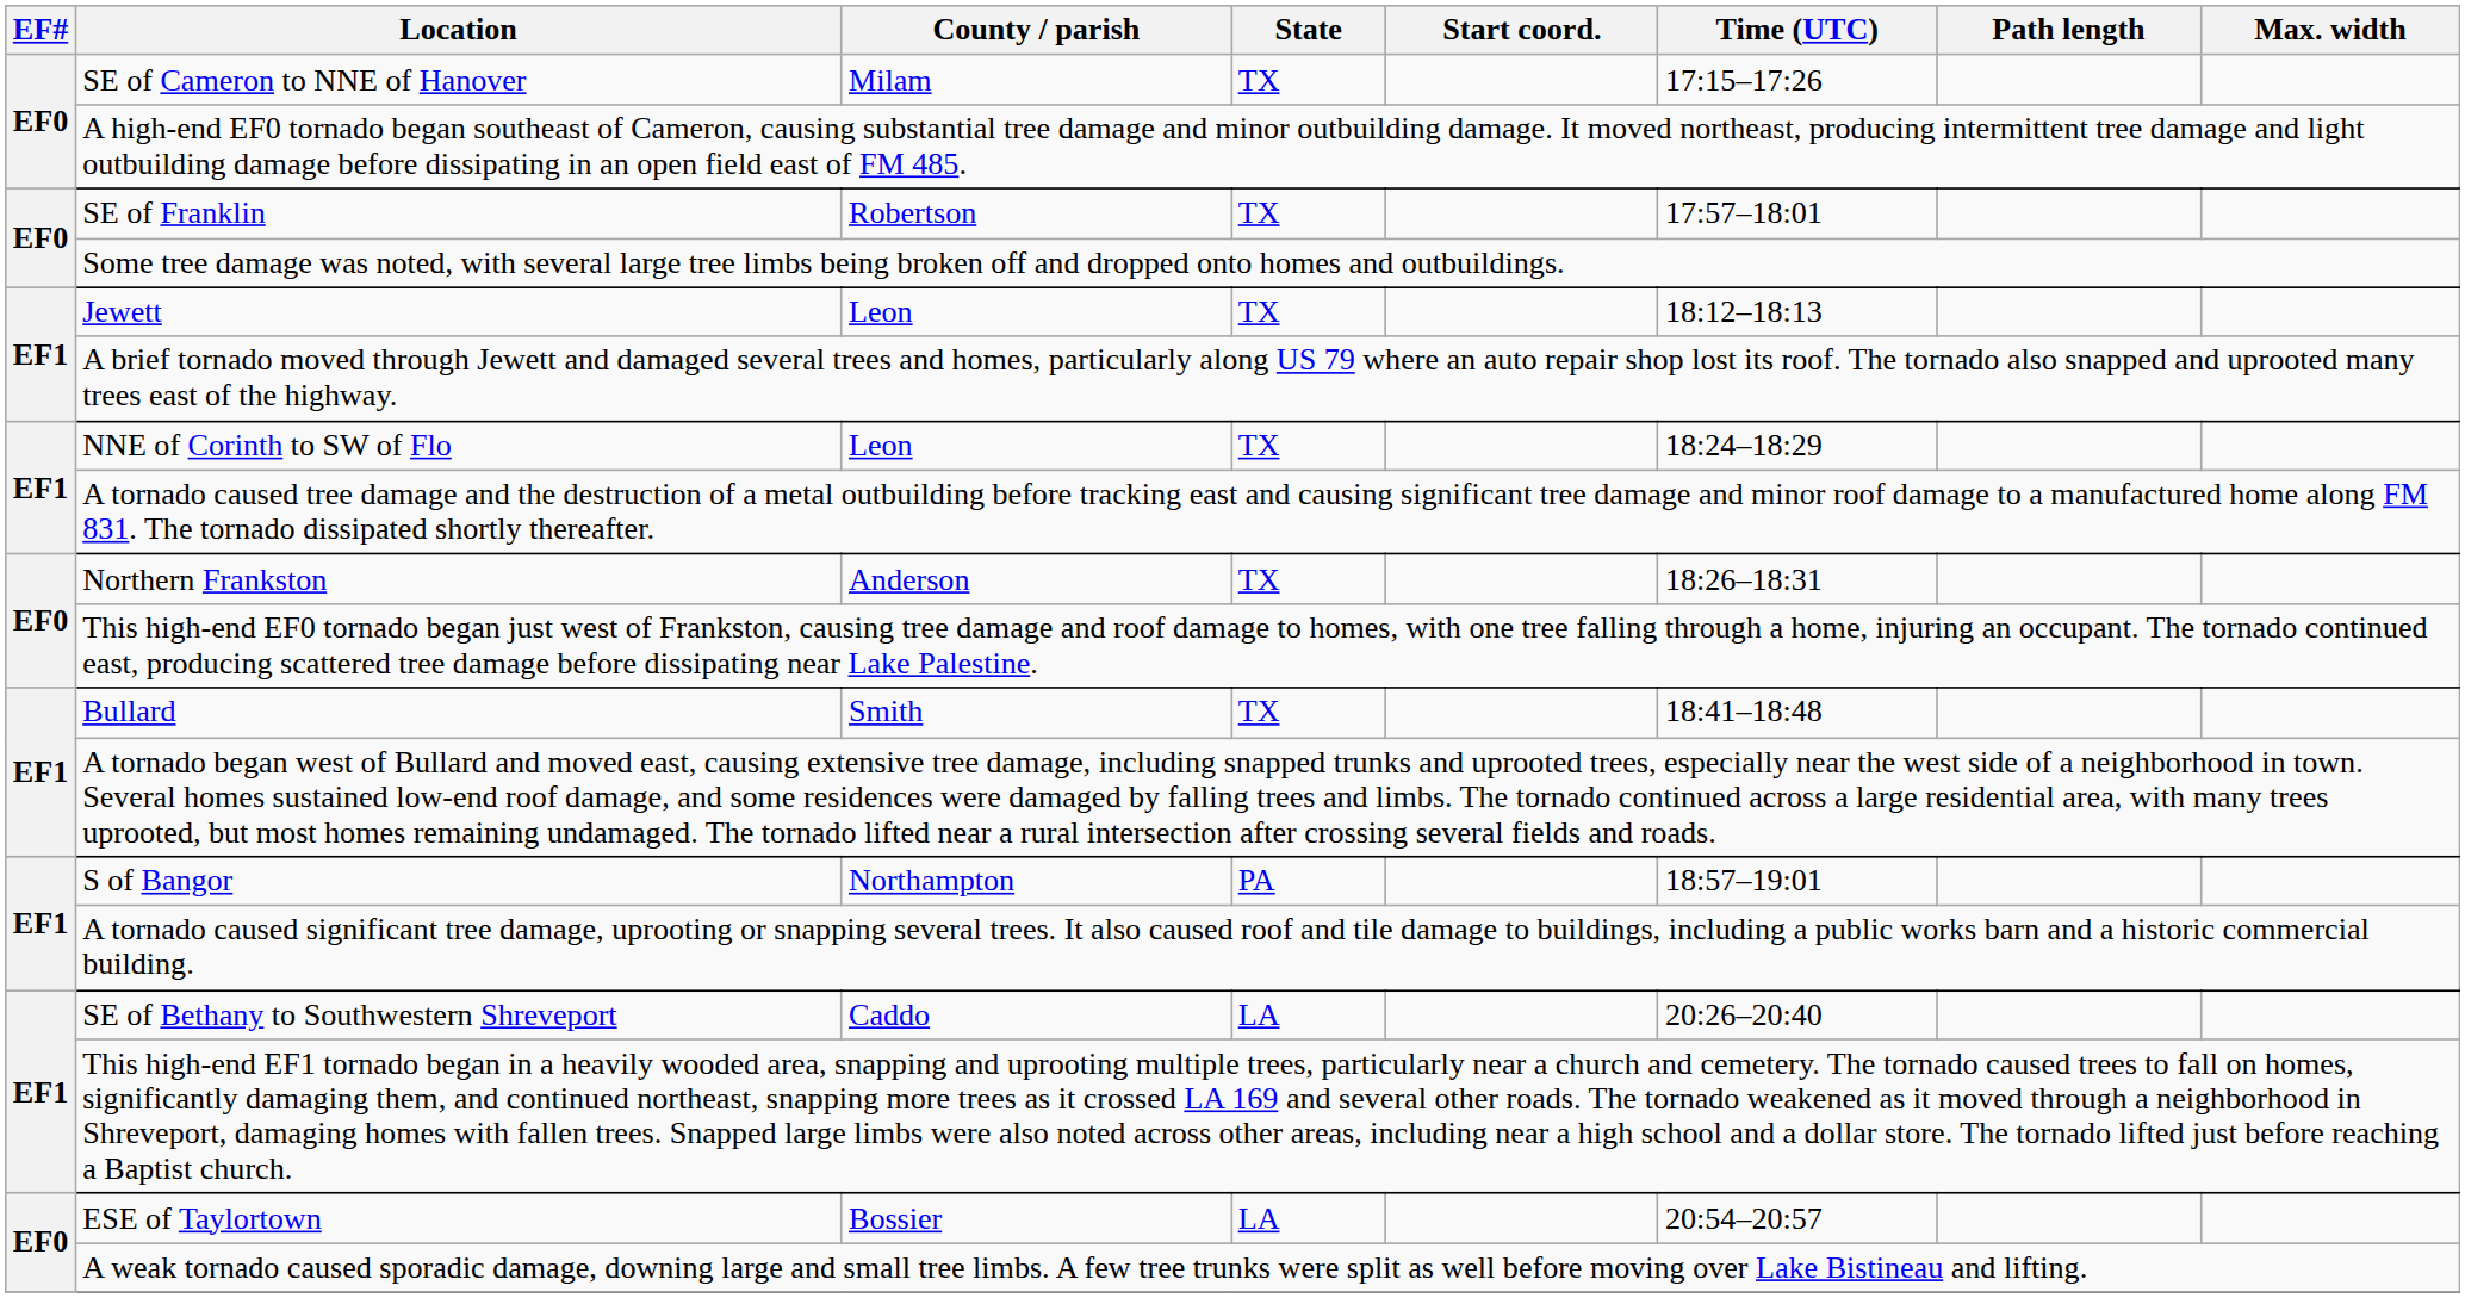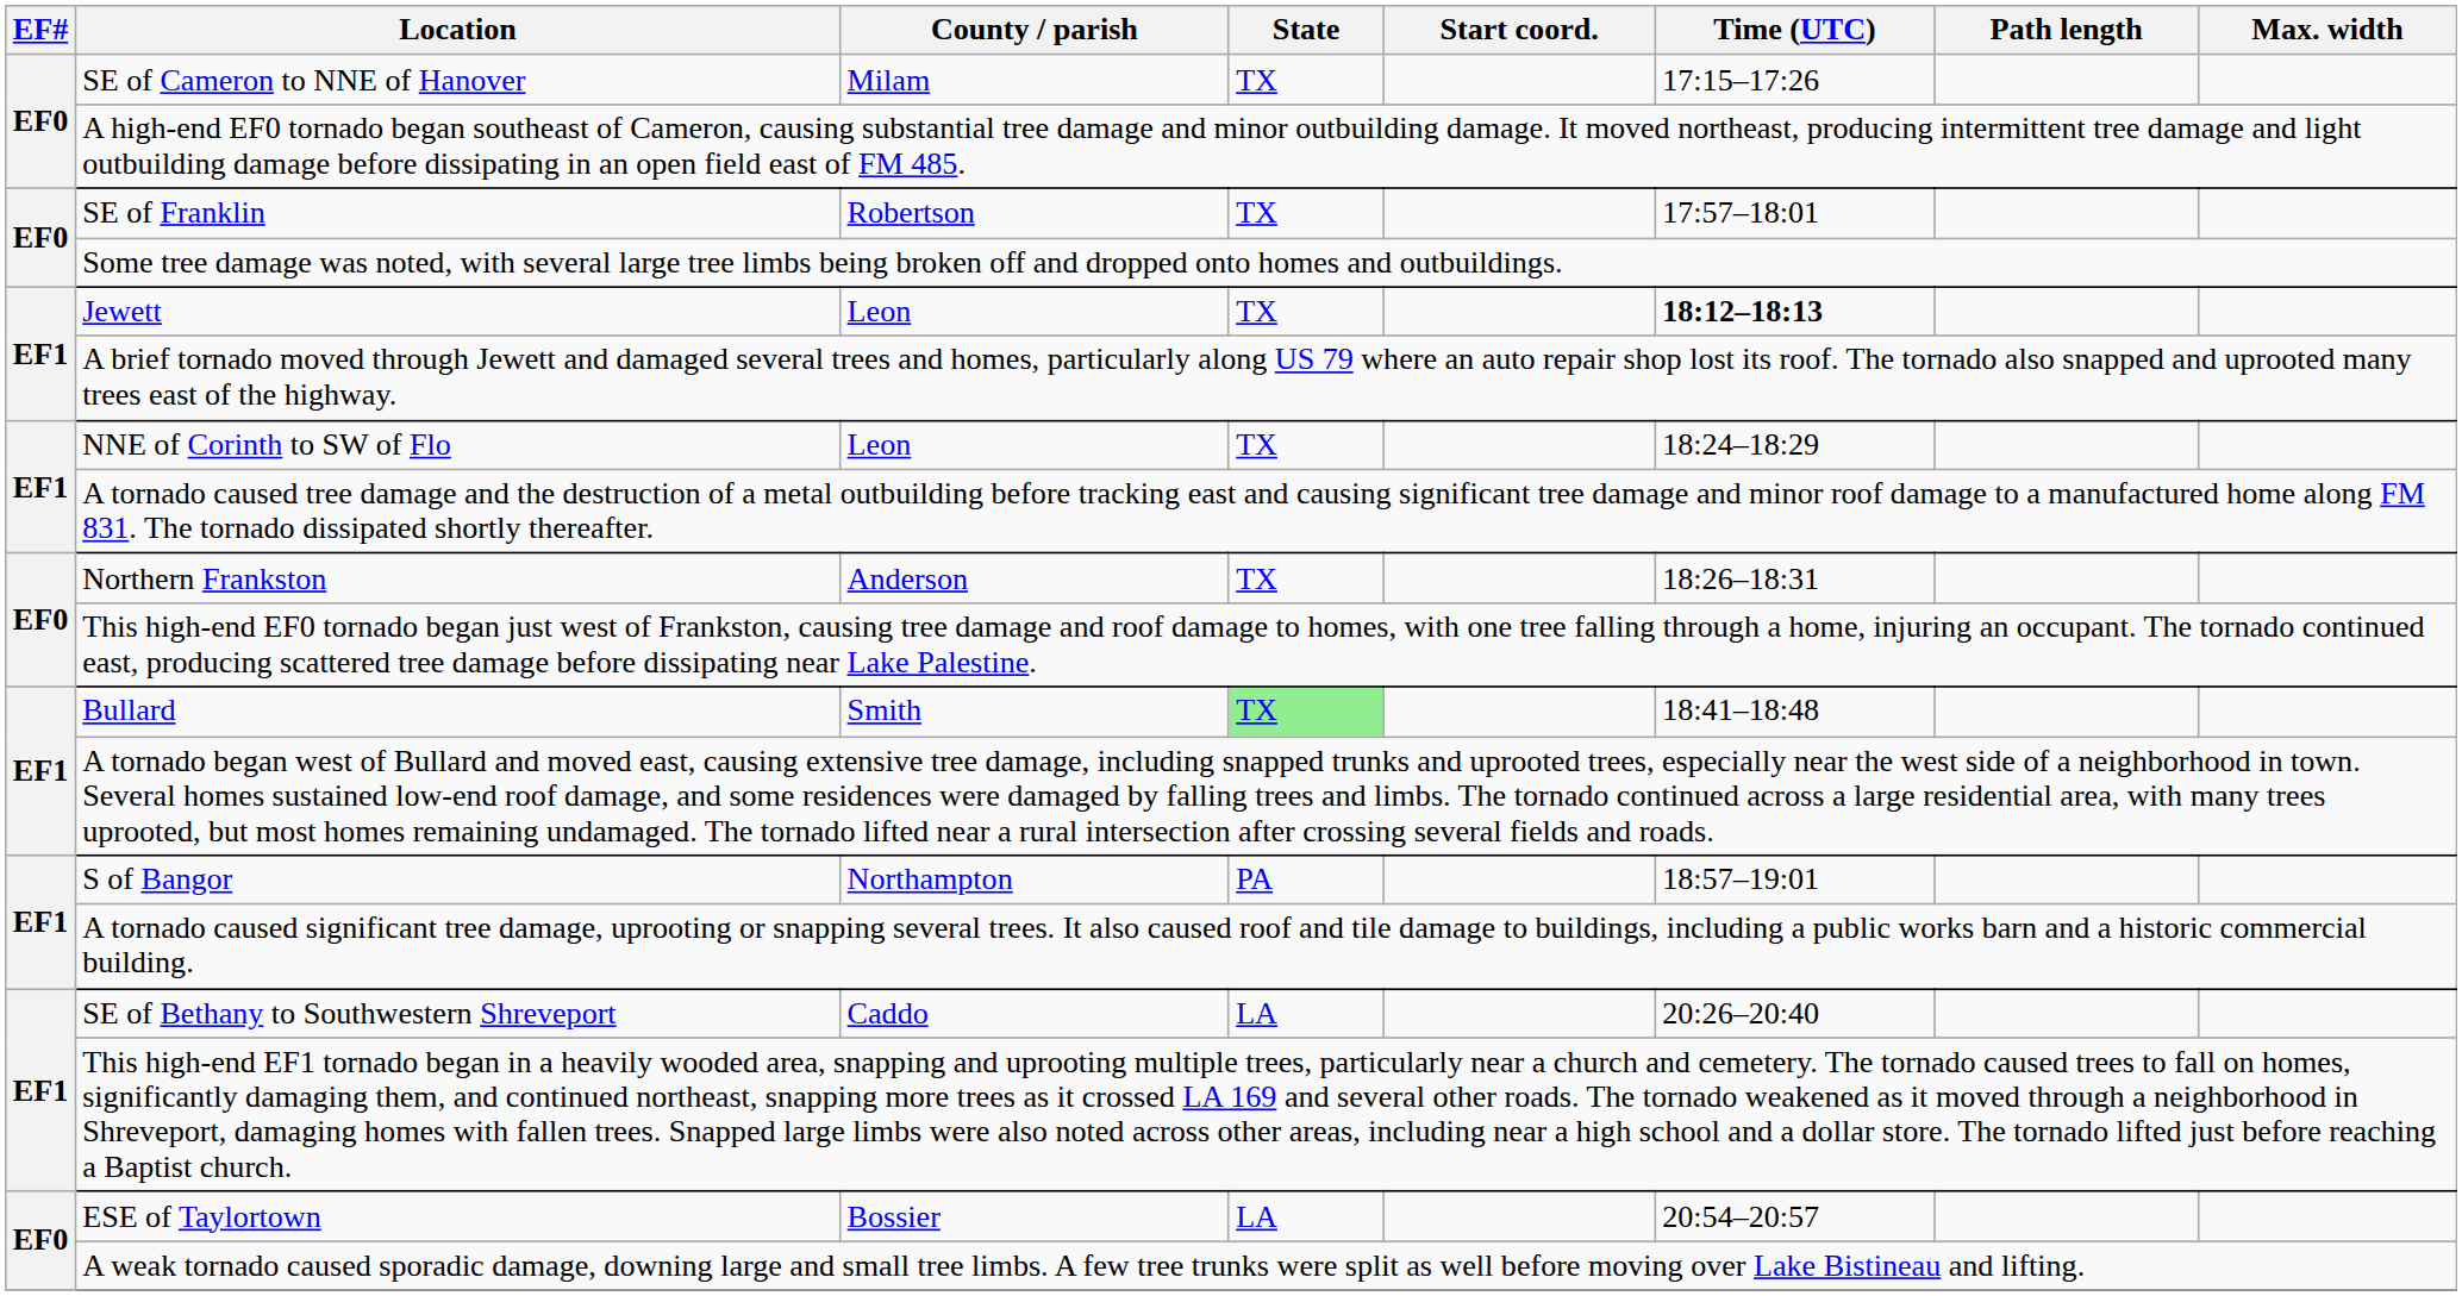 <table class="wikitable sortable" style="width:100%;">
 <tr>
 <th scope="col" width="2%" align="center"><a href='#'>EF#</a></th>
 <th scope="col" align="center" class="unsortable">Location</th>
 <th scope="col" align="center" class="unsortable">County / parish</th>
 <th scope="col" align="center">State</th>
 <th scope="col" align="center">Start coord.</th>
 <th scope="col" align="center">Time (<a href='#'>UTC</a>)</th>
 <th scope="col" align="center">Path length</th>
 <th scope="col" align="center">Max. width</th>
 </tr>
 <tr>
 <th scope="row" rowspan="2" style="background-color:#">EF0</th>
 <td>SE of <a href='#'>Cameron</a> to NNE of <a href='#'>Hanover</a></td>
 <td><a href='#'>Milam</a></td>
 <td><a href='#'>TX</a></td>
 <td></td>
 <td>17:15–17:26</td>
 <td></td>
 <td></td>
 </tr>
 <tr class="expand-child">
 <td colspan="8" style=" border-bottom: 1px solid black;">A high-end EF0 tornado began southeast of Cameron, causing substantial tree damage and minor outbuilding damage. It moved northeast, producing intermittent tree damage and light outbuilding damage before dissipating in an open field east of <a href='#'>FM 485</a>.</td>
 </tr>
 <tr>
 <th scope="row" rowspan="2" style="background-color:#">EF0</th>
 <td>SE of <a href='#'>Franklin</a></td>
 <td><a href='#'>Robertson</a></td>
 <td><a href='#'>TX</a></td>
 <td></td>
 <td>17:57–18:01</td>
 <td></td>
 <td></td>
 </tr>
 <tr class="expand-child">
 <td colspan="8" style=" border-bottom: 1px solid black;">Some tree damage was noted, with several large tree limbs being broken off and dropped onto homes and outbuildings.</td>
 </tr>
 <tr>
 <th scope="row" rowspan="2" style="background-color:#">EF1</th>
 <td><a href='#'>Jewett</a></td>
 <td><a href='#'>Leon</a></td>
 <td><a href='#'>TX</a></td>
 <td></td>
-<td>18:12–18:13</td>
+<td><strong>18:12–18:13</strong></td>
 <td></td>
 <td></td>
 </tr>
 <tr class="expand-child">
 <td colspan="8" style=" border-bottom: 1px solid black;">A brief tornado moved through Jewett and damaged several trees and homes, particularly along <a href='#'>US 79</a> where an auto repair shop lost its roof. The tornado also snapped and uprooted many trees east of the highway.</td>
 </tr>
 <tr>
 <th scope="row" rowspan="2" style="background-color:#">EF1</th>
 <td>NNE of <a href='#'>Corinth</a> to SW of <a href='#'>Flo</a></td>
 <td><a href='#'>Leon</a></td>
 <td><a href='#'>TX</a></td>
 <td></td>
 <td>18:24–18:29</td>
 <td></td>
 <td></td>
 </tr>
 <tr class="expand-child">
 <td colspan="8" style=" border-bottom: 1px solid black;">A tornado caused tree damage and the destruction of a metal outbuilding before tracking east and causing significant tree damage and minor roof damage to a manufactured home along <a href='#'>FM 831</a>. The tornado dissipated shortly thereafter.</td>
 </tr>
 <tr>
 <th scope="row" rowspan="2" style="background-color:#">EF0</th>
 <td>Northern <a href='#'>Frankston</a></td>
 <td><a href='#'>Anderson</a></td>
 <td><a href='#'>TX</a></td>
 <td></td>
 <td>18:26–18:31</td>
 <td></td>
 <td></td>
 </tr>
 <tr class="expand-child">
 <td colspan="8" style=" border-bottom: 1px solid black;">This high-end EF0 tornado began just west of Frankston, causing tree damage and roof damage to homes, with one tree falling through a home, injuring an occupant. The tornado continued east, producing scattered tree damage before dissipating near <a href='#'>Lake Palestine</a>.</td>
 </tr>
 <tr>
 <th scope="row" rowspan="2" style="background-color:#">EF1</th>
 <td><a href='#'>Bullard</a></td>
 <td><a href='#'>Smith</a></td>
-<td><a href='#'>TX</a></td>
+<td style="background: lightgreen;"><a href='#'>TX</a></td>
 <td></td>
 <td>18:41–18:48</td>
 <td></td>
 <td></td>
 </tr>
 <tr class="expand-child">
 <td colspan="8" style=" border-bottom: 1px solid black;">A tornado began west of Bullard and moved east, causing extensive tree damage, including snapped trunks and uprooted trees, especially near the west side of a neighborhood in town. Several homes sustained low-end roof damage, and some residences were damaged by falling trees and limbs. The tornado continued across a large residential area, with many trees uprooted, but most homes remaining undamaged. The tornado lifted near a rural intersection after crossing several fields and roads.</td>
 </tr>
 <tr>
 <th scope="row" rowspan="2" style="background-color:#">EF1</th>
 <td>S of <a href='#'>Bangor</a></td>
 <td><a href='#'>Northampton</a></td>
 <td><a href='#'>PA</a></td>
 <td></td>
 <td>18:57–19:01</td>
 <td></td>
 <td></td>
 </tr>
 <tr class="expand-child">
 <td colspan="8" style=" border-bottom: 1px solid black;">A tornado caused significant tree damage, uprooting or snapping several trees. It also caused roof and tile damage to buildings, including a public works barn and a historic commercial building.</td>
 </tr>
 <tr>
 <th scope="row" rowspan="2" style="background-color:#">EF1</th>
 <td>SE of <a href='#'>Bethany</a> to Southwestern <a href='#'>Shreveport</a></td>
 <td><a href='#'>Caddo</a></td>
 <td><a href='#'>LA</a></td>
 <td></td>
 <td>20:26–20:40</td>
 <td></td>
 <td></td>
 </tr>
 <tr class="expand-child">
 <td colspan="8" style=" border-bottom: 1px solid black;">This high-end EF1 tornado began in a heavily wooded area, snapping and uprooting multiple trees, particularly near a church and cemetery. The tornado caused trees to fall on homes, significantly damaging them, and continued northeast, snapping more trees as it crossed <a href='#'>LA 169</a> and several other roads. The tornado weakened as it moved through a neighborhood in Shreveport, damaging homes with fallen trees. Snapped large limbs were also noted across other areas, including near a high school and a dollar store. The tornado lifted just before reaching a Baptist church.</td>
 </tr>
 <tr>
 <th scope="row" rowspan="2" style="background-color:#">EF0</th>
 <td>ESE of <a href='#'>Taylortown</a></td>
 <td><a href='#'>Bossier</a></td>
 <td><a href='#'>LA</a></td>
 <td></td>
 <td>20:54–20:57</td>
 <td></td>
 <td></td>
 </tr>
 <tr class="expand-child">
 <td colspan="8" style=" border-bottom: 1px solid black;">A weak tornado caused sporadic damage, downing large and small tree limbs. A few tree trunks were split as well before moving over <a href='#'>Lake Bistineau</a> and lifting.</td>
 </tr>
 <tr>
 </tr>
 </table>
